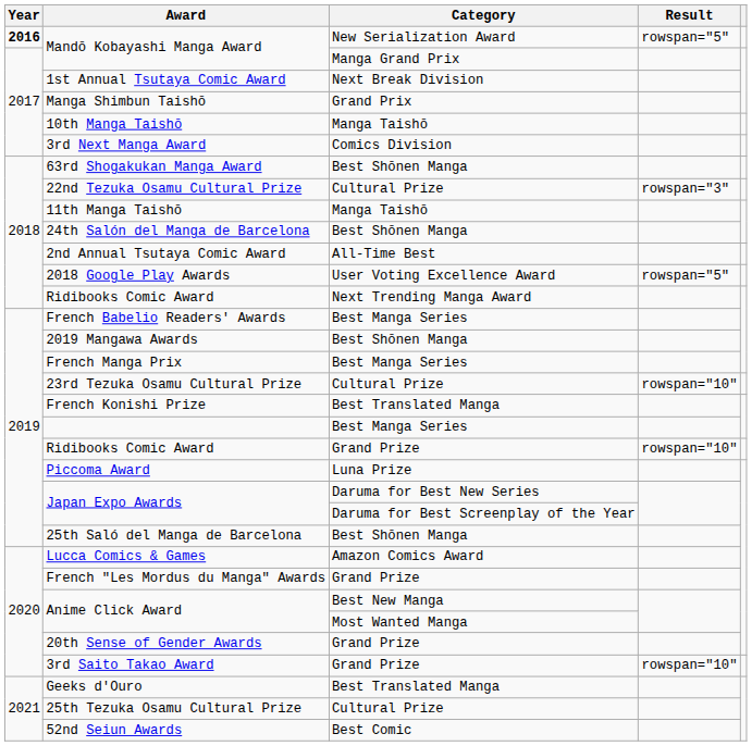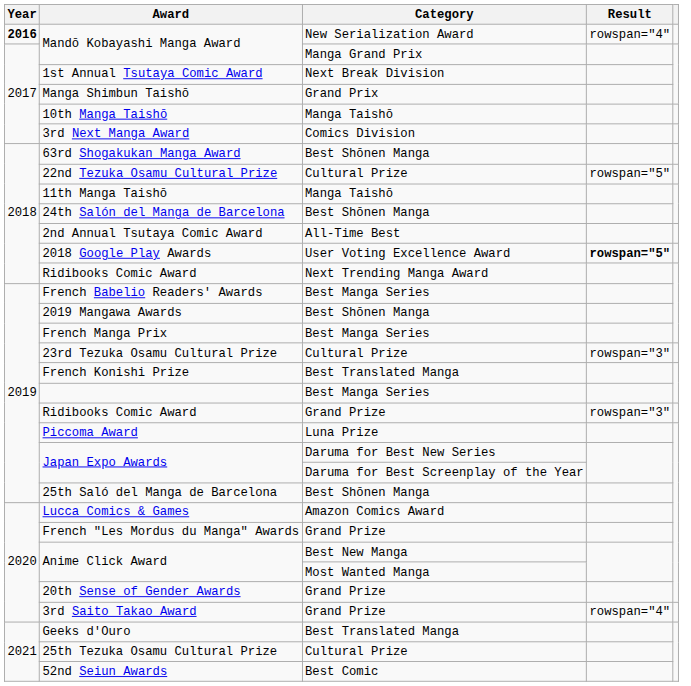 <table class="wikitable plainrowheaders sortable">
 <tr>
 <th scope="col">Year</th>
 <th scope="col">Award</th>
 <th scope="col">Category</th>
 <th scope="col">Result</th>
 <th scope="col" class="unsortable"></th>
 </tr>
 <tr>
 <td align="center"><strong>2016</strong></td>
 <td rowspan="2">Mandō Kobayashi Manga Award</td>
 <td>New Serialization Award</td>
-<td>rowspan="5" </td>
+<td>rowspan="4" </td>
 <td style="text-align:center;"></td>
 </tr>
 <tr>
 <td rowspan="5" align="center">2017</td>
 <td>Manga Grand Prix</td>
 <td style="text-align:center;"></td>
 </tr>
 <tr>
 <td>1st Annual <a href='#'>Tsutaya Comic Award</a></td>
 <td>Next Break Division</td>
 <td style="text-align:center;"></td>
 </tr>
 <tr>
 <td>Manga Shimbun Taishō</td>
 <td>Grand Prix</td>
 <td style="text-align:center;"></td>
 </tr>
 <tr>
 <td>10th <a href='#'>Manga Taishō</a></td>
 <td>Manga Taishō</td>
 <td></td>
 <td style="text-align:center;"></td>
 </tr>
 <tr>
 <td>3rd <a href='#'>Next Manga Award</a></td>
 <td>Comics Division</td>
 <td></td>
 <td style="text-align:center;"></td>
 </tr>
 <tr>
 <td rowspan="7" align="center">2018</td>
 <td>63rd <a href='#'>Shogakukan Manga Award</a></td>
 <td>Best Shōnen Manga</td>
 <td></td>
 <td style="text-align:center;"></td>
 </tr>
 <tr>
 <td>22nd <a href='#'>Tezuka Osamu Cultural Prize</a></td>
 <td>Cultural Prize</td>
-<td>rowspan="3" </td>
+<td>rowspan="5" </td>
 <td style="text-align:center;"></td>
 </tr>
 <tr>
 <td>11th Manga Taishō</td>
 <td>Manga Taishō</td>
 <td style="text-align:center;"></td>
 </tr>
 <tr>
 <td>24th <a href='#'>Salón del Manga de Barcelona</a></td>
 <td>Best Shōnen Manga</td>
 <td style="text-align:center;"></td>
 </tr>
 <tr>
 <td>2nd Annual Tsutaya Comic Award</td>
 <td>All-Time Best</td>
 <td></td>
 <td style="text-align:center;"></td>
 </tr>
 <tr>
 <td>2018 <a href='#'>Google Play</a> Awards</td>
 <td>User Voting Excellence Award</td>
-<td>rowspan="5" </td>
+<td><strong>rowspan="5" </strong></td>
 <td style="text-align:center;"></td>
 </tr>
 <tr>
 <td>Ridibooks Comic Award</td>
 <td>Next Trending Manga Award</td>
 <td style="text-align:center;"></td>
 </tr>
 <tr>
 <td rowspan="11" align="center">2019</td>
 <td>French <a href='#'>Babelio</a> Readers' Awards</td>
 <td>Best Manga Series</td>
 <td style="text-align:center;"></td>
 </tr>
 <tr>
 <td>2019 Mangawa Awards</td>
 <td>Best Shōnen Manga</td>
 <td style="text-align:center;"></td>
 </tr>
 <tr>
 <td>French Manga Prix</td>
 <td>Best Manga Series</td>
 <td style="text-align:center;"></td>
 </tr>
 <tr>
 <td>23rd Tezuka Osamu Cultural Prize</td>
 <td>Cultural Prize</td>
-<td>rowspan="10" </td>
+<td>rowspan="3" </td>
 <td style="text-align:center;"></td>
 </tr>
 <tr>
 <td>French Konishi Prize</td>
 <td>Best Translated Manga</td>
 <td style="text-align:center;"></td>
 </tr>
 <tr>
 <td></td>
 <td>Best Manga Series</td>
 <td style="text-align:center;"></td>
 </tr>
 <tr>
 <td>Ridibooks Comic Award</td>
 <td>Grand Prize</td>
-<td>rowspan="10" </td>
+<td>rowspan="3" </td>
 <td style="text-align:center;"></td>
 </tr>
 <tr>
 <td><a href='#'>Piccoma Award</a></td>
 <td>Luna Prize</td>
 <td style="text-align:center;"></td>
 </tr>
 <tr>
 <td rowspan="2"><a href='#'>Japan Expo Awards</a></td>
 <td>Daruma for Best New Series</td>
 <td rowspan="2" style="text-align:center;"></td>
 </tr>
 <tr>
 <td>Daruma for Best Screenplay of the Year</td>
 </tr>
 <tr>
 <td>25th Saló del Manga de Barcelona</td>
 <td>Best Shōnen Manga</td>
 <td style="text-align:center;"></td>
 </tr>
 <tr>
 <td rowspan="6" align="center">2020</td>
 <td><a href='#'>Lucca Comics & Games</a></td>
 <td>Amazon Comics Award</td>
 <td style="text-align:center;"></td>
 </tr>
 <tr>
 <td>French "Les Mordus du Manga" Awards</td>
 <td>Grand Prize</td>
 <td style="text-align:center;"></td>
 </tr>
 <tr>
 <td rowspan="2">Anime Click Award</td>
 <td>Best New Manga</td>
 <td rowspan="2" style="text-align:center;"></td>
 </tr>
 <tr>
 <td>Most Wanted Manga</td>
 </tr>
 <tr>
 <td>20th <a href='#'>Sense of Gender Awards</a></td>
 <td>Grand Prize</td>
 <td style="text-align:center;"></td>
 </tr>
 <tr>
 <td>3rd <a href='#'>Saito Takao Award</a></td>
 <td>Grand Prize</td>
-<td>rowspan="10" </td>
+<td>rowspan="4" </td>
 <td style="text-align:center;"></td>
 </tr>
 <tr>
 <td rowspan="3" align="center">2021</td>
 <td>Geeks d'Ouro</td>
 <td>Best Translated Manga</td>
 <td style="text-align:center;"></td>
 </tr>
 <tr>
 <td>25th Tezuka Osamu Cultural Prize</td>
 <td>Cultural Prize</td>
 <td style="text-align:center;"></td>
 </tr>
 <tr>
 <td>52nd <a href='#'>Seiun Awards</a></td>
 <td>Best Comic</td>
 <td style="text-align:center;"></td>
 </tr>
 </table>
